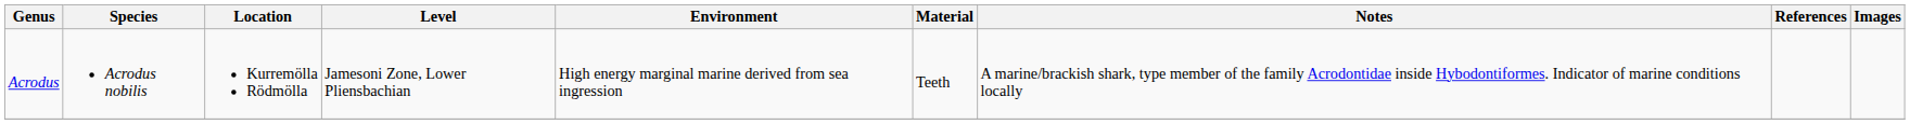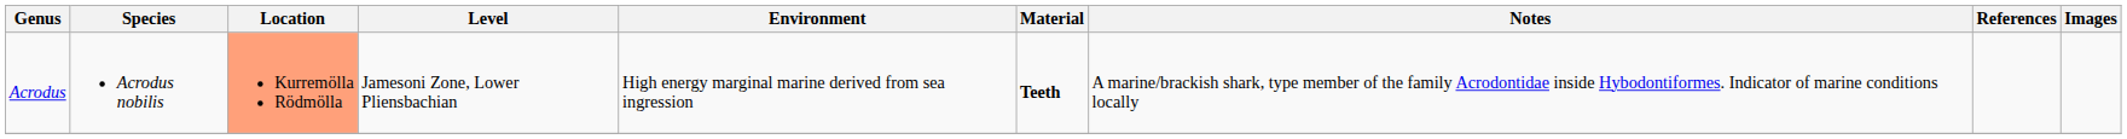 <table class = "wikitable">
 <tr>
 <th>Genus</th>
 <th>Species</th>
 <th>Location</th>
 <th>Level</th>
 <th>Environment</th>
 <th>Material</th>
 <th>Notes</th>
 <th>References</th>
 <th>Images</th>
 </tr>
 <tr>
 <td><br><em><a href='#'>Acrodus</a></em></td>
 <td><br><ul><li><em>Acrodus nobilis</em></li></ul></td>
-<td><br><ul><li>Kurremölla</li><li>Rödmölla</li></ul></td>
+<td style="background: lightsalmon;"><br><ul><li>Kurremölla</li><li>Rödmölla</li></ul></td>
 <td><br>Jamesoni Zone, Lower Pliensbachian</td>
 <td><br>High energy marginal marine derived from sea ingression</td>
-<td><br>Teeth</td>
+<td><strong><br>Teeth</strong></td>
 <td><br>A marine/brackish shark, type member of the family <a href='#'>Acrodontidae</a> inside <a href='#'>Hybodontiformes</a>. Indicator of marine conditions locally</td>
 <td><br></td>
 <td><br></td>
 </tr>
 <tr>
 </tr>
 </table>
